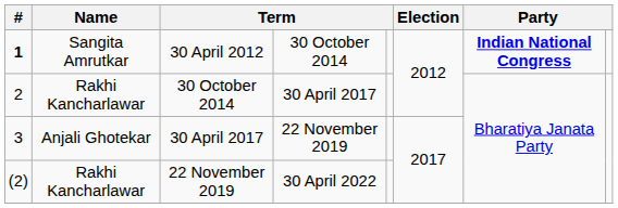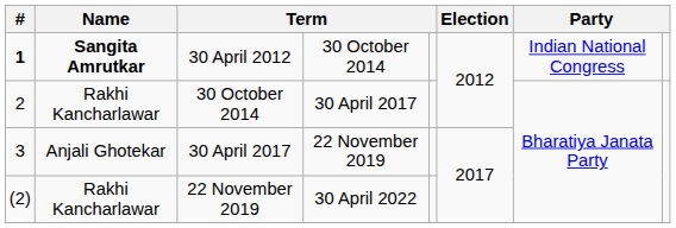 <table class="wikitable" style=text-align:center>
 <tr>
 <th>#</th>
 <th>Name</th>
 <th colspan="3">Term</th>
 <th>Election</th>
 <th colspan="2">Party</th>
 </tr>
 <tr>
 <td><strong>1</strong></td>
-<td>Sangita Amrutkar</td>
+<td><strong>Sangita Amrutkar</strong></td>
 <td>30 April 2012</td>
 <td>30 October 2014</td>
 <td></td>
 <td rowspan="2">2012</td>
-<td><strong><a href='#'>Indian National Congress</a></strong></td>
+<td><a href='#'>Indian National Congress</a></td>
 <td></td>
 </tr>
 <tr>
 <td>2</td>
 <td>Rakhi Kancharlawar</td>
 <td>30 October 2014</td>
 <td>30 April 2017</td>
 <td></td>
 <td rowspan="3"><a href='#'>Bharatiya Janata Party</a></td>
 <td rowspan="3"></td>
 </tr>
 <tr>
 <td>3</td>
 <td>Anjali Ghotekar</td>
 <td>30 April 2017</td>
 <td>22 November 2019</td>
 <td></td>
 <td rowspan="2">2017</td>
 </tr>
 <tr>
 <td>(2)</td>
 <td>Rakhi Kancharlawar</td>
 <td>22 November 2019</td>
 <td>30 April 2022</td>
 <td></td>
 </tr>
 <tr>
 </tr>
 </table>
